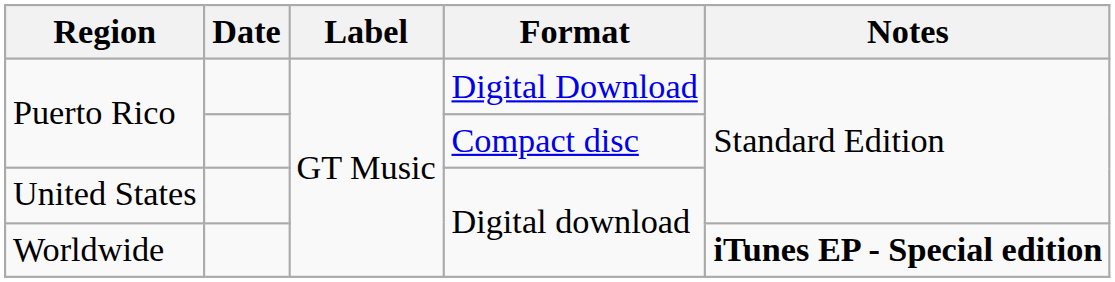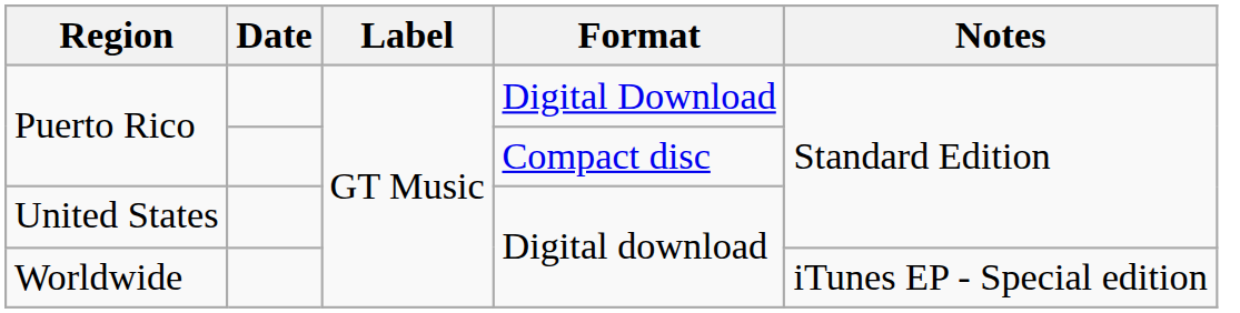 <table class="wikitable">
 <tr>
 <th>Region</th>
 <th>Date</th>
 <th>Label</th>
 <th>Format</th>
 <th>Notes</th>
 </tr>
 <tr>
 <td rowspan="2">Puerto Rico</td>
 <td></td>
 <td rowspan="4">GT Music</td>
 <td><a href='#'>Digital Download</a></td>
 <td rowspan="3">Standard Edition</td>
 </tr>
 <tr>
 <td></td>
 <td><a href='#'>Compact disc</a></td>
 </tr>
 <tr>
 <td>United States</td>
 <td></td>
 <td rowspan="2">Digital download</td>
 </tr>
 <tr>
 <td>Worldwide</td>
 <td></td>
-<td><strong>iTunes EP - Special edition</strong></td>
+<td>iTunes EP - Special edition</td>
 </tr>
 </table>
